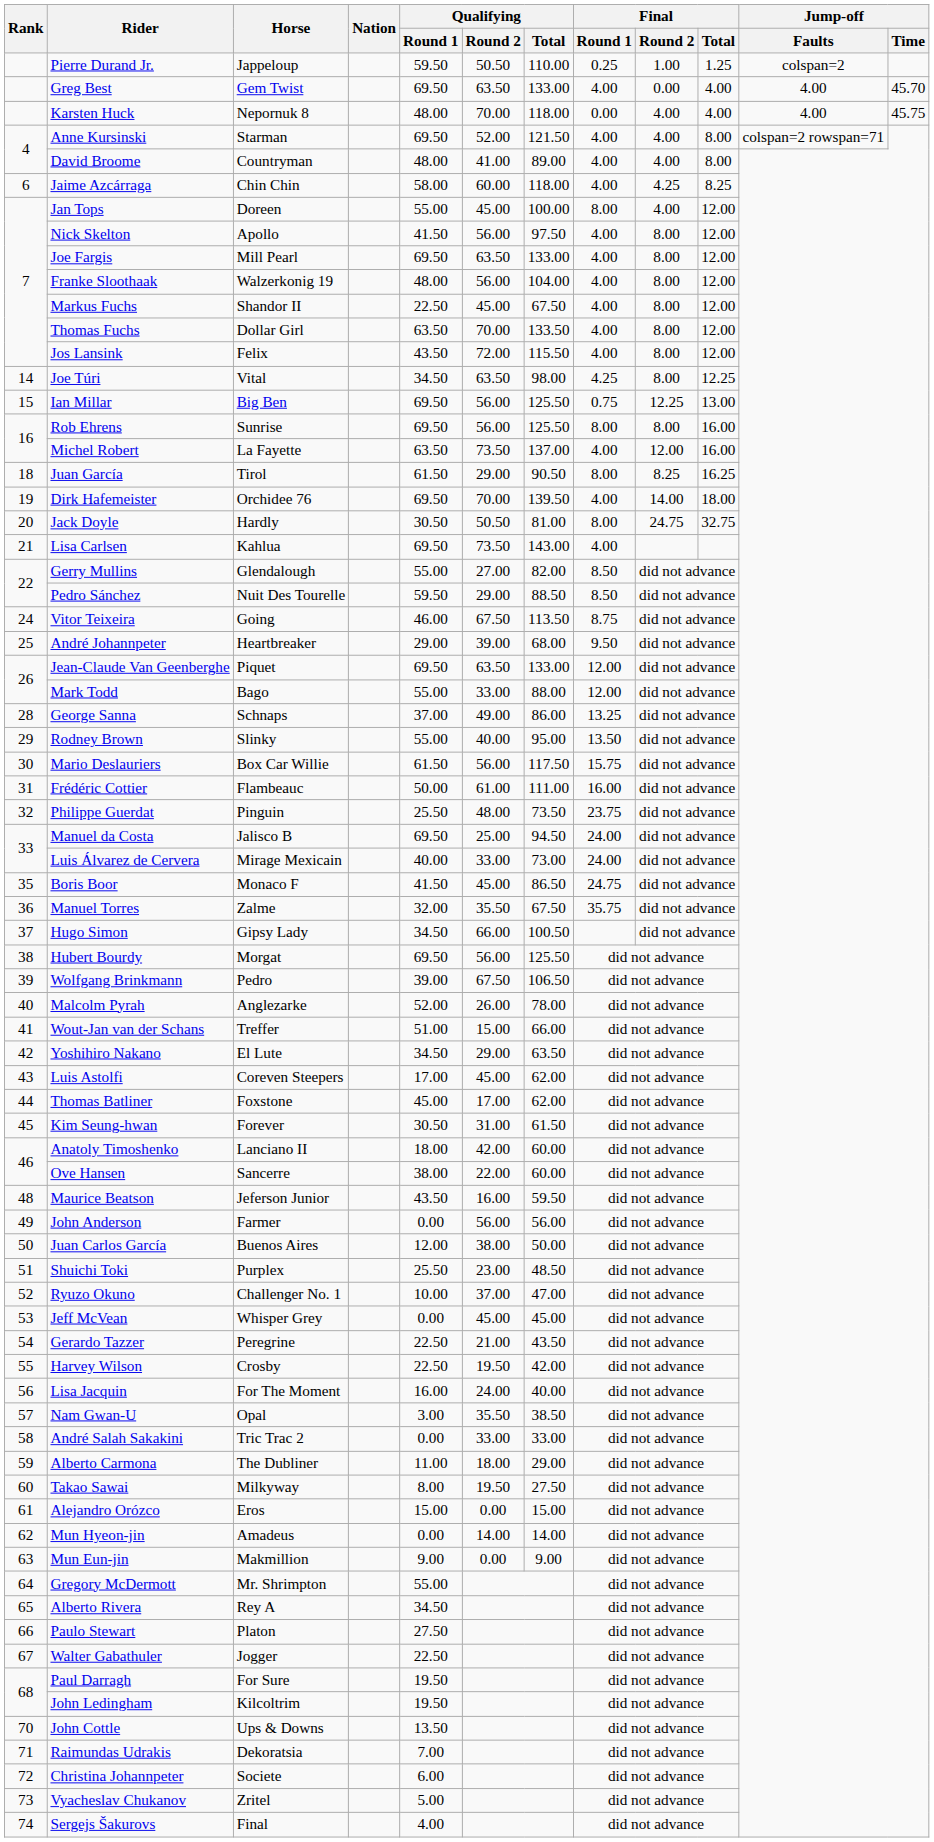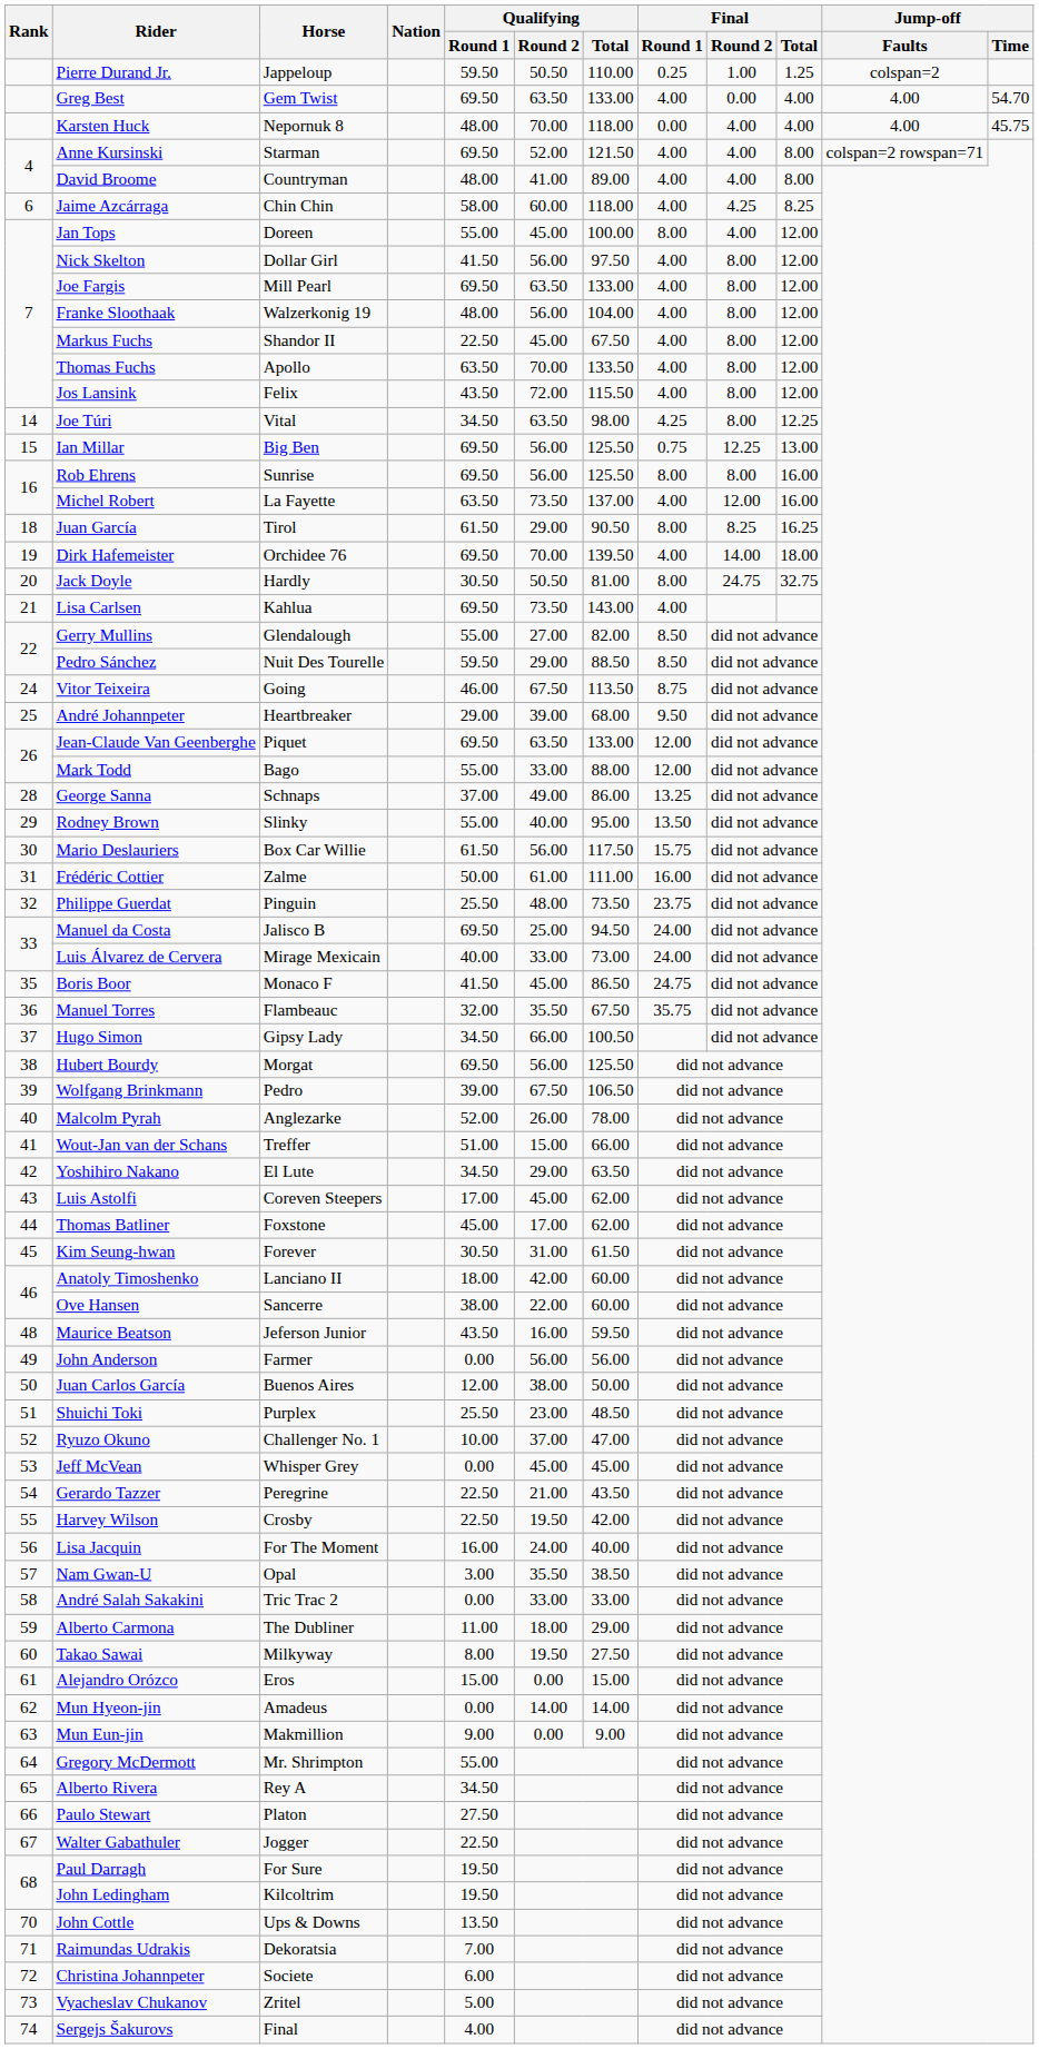 <table class="wikitable sortable" style="text-align:center">
 <tr>
 <th rowspan=2>Rank</th>
 <th rowspan=2>Rider</th>
 <th rowspan=2>Horse</th>
 <th rowspan=2>Nation</th>
 <th colspan=3>Qualifying</th>
 <th colspan=3>Final</th>
 <th colspan=2>Jump-off</th>
 </tr>
 <tr>
 <th>Round 1</th>
 <th>Round 2</th>
 <th>Total</th>
 <th>Round 1</th>
 <th>Round 2</th>
 <th>Total</th>
 <th>Faults</th>
 <th>Time</th>
 </tr>
 <tr>
 <td></td>
 <td align=left><a href='#'>Pierre Durand Jr.</a></td>
 <td align=left>Jappeloup</td>
 <td align="left"></td>
 <td>59.50</td>
 <td>50.50</td>
 <td>110.00</td>
 <td>0.25</td>
 <td>1.00</td>
 <td>1.25</td>
 <td>colspan=2 </td>
 </tr>
 <tr>
 <td></td>
 <td align=left><a href='#'>Greg Best</a></td>
 <td align=left><a href='#'>Gem Twist</a></td>
 <td align="left"></td>
 <td>69.50</td>
 <td>63.50</td>
 <td>133.00</td>
 <td>4.00</td>
 <td>0.00</td>
 <td>4.00</td>
 <td>4.00</td>
-<td>45.70</td>
+<td>54.70</td>
 </tr>
 <tr>
 <td></td>
 <td align=left><a href='#'>Karsten Huck</a></td>
 <td align=left>Nepornuk 8</td>
 <td align="left"></td>
 <td>48.00</td>
 <td>70.00</td>
 <td>118.00</td>
 <td>0.00</td>
 <td>4.00</td>
 <td>4.00</td>
 <td>4.00</td>
 <td>45.75</td>
 </tr>
 <tr>
 <td rowspan=2>4</td>
 <td align=left><a href='#'>Anne Kursinski</a></td>
 <td align=left>Starman</td>
 <td align="left"></td>
 <td>69.50</td>
 <td>52.00</td>
 <td>121.50</td>
 <td>4.00</td>
 <td>4.00</td>
 <td>8.00</td>
 <td>colspan=2 rowspan=71 </td>
 </tr>
 <tr>
 <td align=left><a href='#'>David Broome</a></td>
 <td align=left>Countryman</td>
 <td align="left"></td>
 <td>48.00</td>
 <td>41.00</td>
 <td>89.00</td>
 <td>4.00</td>
 <td>4.00</td>
 <td>8.00</td>
 </tr>
 <tr>
 <td>6</td>
 <td align=left><a href='#'>Jaime Azcárraga</a></td>
 <td align=left>Chin Chin</td>
 <td align="left"></td>
 <td>58.00</td>
 <td>60.00</td>
 <td>118.00</td>
 <td>4.00</td>
 <td>4.25</td>
 <td>8.25</td>
 </tr>
 <tr>
 <td rowspan=7>7</td>
 <td align=left><a href='#'>Jan Tops</a></td>
 <td align=left>Doreen</td>
 <td align="left"></td>
 <td>55.00</td>
 <td>45.00</td>
 <td>100.00</td>
 <td>8.00</td>
 <td>4.00</td>
 <td>12.00</td>
 </tr>
 <tr>
 <td align=left><a href='#'>Nick Skelton</a></td>
-<td align=left>Apollo</td>
+<td align=left>Dollar Girl</td>
 <td align="left"></td>
 <td>41.50</td>
 <td>56.00</td>
 <td>97.50</td>
 <td>4.00</td>
 <td>8.00</td>
 <td>12.00</td>
 </tr>
 <tr>
 <td align=left><a href='#'>Joe Fargis</a></td>
 <td align=left>Mill Pearl</td>
 <td align="left"></td>
 <td>69.50</td>
 <td>63.50</td>
 <td>133.00</td>
 <td>4.00</td>
 <td>8.00</td>
 <td>12.00</td>
 </tr>
 <tr>
 <td align=left><a href='#'>Franke Sloothaak</a></td>
 <td align=left>Walzerkonig 19</td>
 <td align="left"></td>
 <td>48.00</td>
 <td>56.00</td>
 <td>104.00</td>
 <td>4.00</td>
 <td>8.00</td>
 <td>12.00</td>
 </tr>
 <tr>
 <td align=left><a href='#'>Markus Fuchs</a></td>
 <td align=left>Shandor II</td>
 <td align="left"></td>
 <td>22.50</td>
 <td>45.00</td>
 <td>67.50</td>
 <td>4.00</td>
 <td>8.00</td>
 <td>12.00</td>
 </tr>
 <tr>
 <td align=left><a href='#'>Thomas Fuchs</a></td>
-<td align=left>Dollar Girl</td>
+<td align=left>Apollo</td>
 <td align="left"></td>
 <td>63.50</td>
 <td>70.00</td>
 <td>133.50</td>
 <td>4.00</td>
 <td>8.00</td>
 <td>12.00</td>
 </tr>
 <tr>
 <td align=left><a href='#'>Jos Lansink</a></td>
 <td align=left>Felix</td>
 <td align="left"></td>
 <td>43.50</td>
 <td>72.00</td>
 <td>115.50</td>
 <td>4.00</td>
 <td>8.00</td>
 <td>12.00</td>
 </tr>
 <tr>
 <td>14</td>
 <td align=left><a href='#'>Joe Túri</a></td>
 <td align=left>Vital</td>
 <td align="left"></td>
 <td>34.50</td>
 <td>63.50</td>
 <td>98.00</td>
 <td>4.25</td>
 <td>8.00</td>
 <td>12.25</td>
 </tr>
 <tr>
 <td>15</td>
 <td align=left><a href='#'>Ian Millar</a></td>
 <td align=left><a href='#'>Big Ben</a></td>
 <td align="left"></td>
 <td>69.50</td>
 <td>56.00</td>
 <td>125.50</td>
 <td>0.75</td>
 <td>12.25</td>
 <td>13.00</td>
 </tr>
 <tr>
 <td rowspan=2>16</td>
 <td align=left><a href='#'>Rob Ehrens</a></td>
 <td align=left>Sunrise</td>
 <td align="left"></td>
 <td>69.50</td>
 <td>56.00</td>
 <td>125.50</td>
 <td>8.00</td>
 <td>8.00</td>
 <td>16.00</td>
 </tr>
 <tr>
 <td align=left><a href='#'>Michel Robert</a></td>
 <td align=left>La Fayette</td>
 <td align="left"></td>
 <td>63.50</td>
 <td>73.50</td>
 <td>137.00</td>
 <td>4.00</td>
 <td>12.00</td>
 <td>16.00</td>
 </tr>
 <tr>
 <td>18</td>
 <td align=left><a href='#'>Juan García</a></td>
 <td align=left>Tirol</td>
 <td align="left"></td>
 <td>61.50</td>
 <td>29.00</td>
 <td>90.50</td>
 <td>8.00</td>
 <td>8.25</td>
 <td>16.25</td>
 </tr>
 <tr>
 <td>19</td>
 <td align=left><a href='#'>Dirk Hafemeister</a></td>
 <td align=left>Orchidee 76</td>
 <td align="left"></td>
 <td>69.50</td>
 <td>70.00</td>
 <td>139.50</td>
 <td>4.00</td>
 <td>14.00</td>
 <td>18.00</td>
 </tr>
 <tr>
 <td>20</td>
 <td align=left><a href='#'>Jack Doyle</a></td>
 <td align=left>Hardly</td>
 <td align="left"></td>
 <td>30.50</td>
 <td>50.50</td>
 <td>81.00</td>
 <td>8.00</td>
 <td>24.75</td>
 <td>32.75</td>
 </tr>
 <tr>
 <td>21</td>
 <td align=left><a href='#'>Lisa Carlsen</a></td>
 <td align=left>Kahlua</td>
 <td align="left"></td>
 <td>69.50</td>
 <td>73.50</td>
 <td>143.00</td>
 <td>4.00</td>
 <td></td>
 <td></td>
 </tr>
 <tr>
 <td rowspan=2>22</td>
 <td align=left><a href='#'>Gerry Mullins</a></td>
 <td align=left>Glendalough</td>
 <td align="left"></td>
 <td>55.00</td>
 <td>27.00</td>
 <td>82.00</td>
 <td>8.50</td>
 <td colspan=2>did not advance</td>
 </tr>
 <tr>
 <td align=left><a href='#'>Pedro Sánchez</a></td>
 <td align=left>Nuit Des Tourelle</td>
 <td align="left"></td>
 <td>59.50</td>
 <td>29.00</td>
 <td>88.50</td>
 <td>8.50</td>
 <td colspan=2>did not advance</td>
 </tr>
 <tr>
 <td>24</td>
 <td align=left><a href='#'>Vitor Teixeira</a></td>
 <td align=left>Going</td>
 <td align="left"></td>
 <td>46.00</td>
 <td>67.50</td>
 <td>113.50</td>
 <td>8.75</td>
 <td colspan=2>did not advance</td>
 </tr>
 <tr>
 <td>25</td>
 <td align=left><a href='#'>André Johannpeter</a></td>
 <td align=left>Heartbreaker</td>
 <td align="left"></td>
 <td>29.00</td>
 <td>39.00</td>
 <td>68.00</td>
 <td>9.50</td>
 <td colspan=2>did not advance</td>
 </tr>
 <tr>
 <td rowspan=2>26</td>
 <td align=left><a href='#'>Jean-Claude Van Geenberghe</a></td>
 <td align=left>Piquet</td>
 <td align="left"></td>
 <td>69.50</td>
 <td>63.50</td>
 <td>133.00</td>
 <td>12.00</td>
 <td colspan=2>did not advance</td>
 </tr>
 <tr>
 <td align=left><a href='#'>Mark Todd</a></td>
 <td align=left>Bago</td>
 <td align="left"></td>
 <td>55.00</td>
 <td>33.00</td>
 <td>88.00</td>
 <td>12.00</td>
 <td colspan=2>did not advance</td>
 </tr>
 <tr>
 <td>28</td>
 <td align=left><a href='#'>George Sanna</a></td>
 <td align=left>Schnaps</td>
 <td align="left"></td>
 <td>37.00</td>
 <td>49.00</td>
 <td>86.00</td>
 <td>13.25</td>
 <td colspan=2>did not advance</td>
 </tr>
 <tr>
 <td>29</td>
 <td align=left><a href='#'>Rodney Brown</a></td>
 <td align=left>Slinky</td>
 <td align="left"></td>
 <td>55.00</td>
 <td>40.00</td>
 <td>95.00</td>
 <td>13.50</td>
 <td colspan=2>did not advance</td>
 </tr>
 <tr>
 <td>30</td>
 <td align=left><a href='#'>Mario Deslauriers</a></td>
 <td align=left>Box Car Willie</td>
 <td align="left"></td>
 <td>61.50</td>
 <td>56.00</td>
 <td>117.50</td>
 <td>15.75</td>
 <td colspan=2>did not advance</td>
 </tr>
 <tr>
 <td>31</td>
 <td align=left><a href='#'>Frédéric Cottier</a></td>
-<td align=left>Flambeauc</td>
+<td align=left>Zalme</td>
 <td align="left"></td>
 <td>50.00</td>
 <td>61.00</td>
 <td>111.00</td>
 <td>16.00</td>
 <td colspan=2>did not advance</td>
 </tr>
 <tr>
 <td>32</td>
 <td align=left><a href='#'>Philippe Guerdat</a></td>
 <td align=left>Pinguin</td>
 <td align="left"></td>
 <td>25.50</td>
 <td>48.00</td>
 <td>73.50</td>
 <td>23.75</td>
 <td colspan=2>did not advance</td>
 </tr>
 <tr>
 <td rowspan=2>33</td>
 <td align=left><a href='#'>Manuel da Costa</a></td>
 <td align=left>Jalisco B</td>
 <td align="left"></td>
 <td>69.50</td>
 <td>25.00</td>
 <td>94.50</td>
 <td>24.00</td>
 <td colspan=2>did not advance</td>
 </tr>
 <tr>
 <td align=left><a href='#'>Luis Álvarez de Cervera</a></td>
 <td align=left>Mirage Mexicain</td>
 <td align="left"></td>
 <td>40.00</td>
 <td>33.00</td>
 <td>73.00</td>
 <td>24.00</td>
 <td colspan=2>did not advance</td>
 </tr>
 <tr>
 <td>35</td>
 <td align=left><a href='#'>Boris Boor</a></td>
 <td align=left>Monaco F</td>
 <td align="left"></td>
 <td>41.50</td>
 <td>45.00</td>
 <td>86.50</td>
 <td>24.75</td>
 <td colspan=2>did not advance</td>
 </tr>
 <tr>
 <td>36</td>
 <td align=left><a href='#'>Manuel Torres</a></td>
-<td align=left>Zalme</td>
+<td align=left>Flambeauc</td>
 <td align="left"></td>
 <td>32.00</td>
 <td>35.50</td>
 <td>67.50</td>
 <td>35.75</td>
 <td colspan=2>did not advance</td>
 </tr>
 <tr>
 <td>37</td>
 <td align=left><a href='#'>Hugo Simon</a></td>
 <td align=left>Gipsy Lady</td>
 <td align="left"></td>
 <td>34.50</td>
 <td>66.00</td>
 <td>100.50</td>
 <td></td>
 <td colspan=2>did not advance</td>
 </tr>
 <tr>
 <td>38</td>
 <td align=left><a href='#'>Hubert Bourdy</a></td>
 <td align=left>Morgat</td>
 <td align="left"></td>
 <td>69.50</td>
 <td>56.00</td>
 <td>125.50</td>
 <td colspan=3>did not advance</td>
 </tr>
 <tr>
 <td>39</td>
 <td align=left><a href='#'>Wolfgang Brinkmann</a></td>
 <td align=left>Pedro</td>
 <td align="left"></td>
 <td>39.00</td>
 <td>67.50</td>
 <td>106.50</td>
 <td colspan=3>did not advance</td>
 </tr>
 <tr>
 <td>40</td>
 <td align=left><a href='#'>Malcolm Pyrah</a></td>
 <td align=left>Anglezarke</td>
 <td align="left"></td>
 <td>52.00</td>
 <td>26.00</td>
 <td>78.00</td>
 <td colspan=3>did not advance</td>
 </tr>
 <tr>
 <td>41</td>
 <td align=left><a href='#'>Wout-Jan van der Schans</a></td>
 <td align=left>Treffer</td>
 <td align="left"></td>
 <td>51.00</td>
 <td>15.00</td>
 <td>66.00</td>
 <td colspan=3>did not advance</td>
 </tr>
 <tr>
 <td>42</td>
 <td align=left><a href='#'>Yoshihiro Nakano</a></td>
 <td align=left>El Lute</td>
 <td align="left"></td>
 <td>34.50</td>
 <td>29.00</td>
 <td>63.50</td>
 <td colspan=3>did not advance</td>
 </tr>
 <tr>
 <td>43</td>
 <td align=left><a href='#'>Luis Astolfi</a></td>
 <td align=left>Coreven Steepers</td>
 <td align="left"></td>
 <td>17.00</td>
 <td>45.00</td>
 <td>62.00</td>
 <td colspan=3>did not advance</td>
 </tr>
 <tr>
 <td>44</td>
 <td align=left><a href='#'>Thomas Batliner</a></td>
 <td align=left>Foxstone</td>
 <td align="left"></td>
 <td>45.00</td>
 <td>17.00</td>
 <td>62.00</td>
 <td colspan=3>did not advance</td>
 </tr>
 <tr>
 <td>45</td>
 <td align=left><a href='#'>Kim Seung-hwan</a></td>
 <td align=left>Forever</td>
 <td align="left"></td>
 <td>30.50</td>
 <td>31.00</td>
 <td>61.50</td>
 <td colspan=3>did not advance</td>
 </tr>
 <tr>
 <td rowspan=2>46</td>
 <td align=left><a href='#'>Anatoly Timoshenko</a></td>
 <td align=left>Lanciano II</td>
 <td align="left"></td>
 <td>18.00</td>
 <td>42.00</td>
 <td>60.00</td>
 <td colspan=3>did not advance</td>
 </tr>
 <tr>
 <td align=left><a href='#'>Ove Hansen</a></td>
 <td align=left>Sancerre</td>
 <td align="left"></td>
 <td>38.00</td>
 <td>22.00</td>
 <td>60.00</td>
 <td colspan=3>did not advance</td>
 </tr>
 <tr>
 <td>48</td>
 <td align=left><a href='#'>Maurice Beatson</a></td>
 <td align=left>Jeferson Junior</td>
 <td align="left"></td>
 <td>43.50</td>
 <td>16.00</td>
 <td>59.50</td>
 <td colspan=3>did not advance</td>
 </tr>
 <tr>
 <td>49</td>
 <td align=left><a href='#'>John Anderson</a></td>
 <td align=left>Farmer</td>
 <td align="left"></td>
 <td>0.00</td>
 <td>56.00</td>
 <td>56.00</td>
 <td colspan=3>did not advance</td>
 </tr>
 <tr>
 <td>50</td>
 <td align=left><a href='#'>Juan Carlos García</a></td>
 <td align=left>Buenos Aires</td>
 <td align="left"></td>
 <td>12.00</td>
 <td>38.00</td>
 <td>50.00</td>
 <td colspan=3>did not advance</td>
 </tr>
 <tr>
 <td>51</td>
 <td align=left><a href='#'>Shuichi Toki</a></td>
 <td align=left>Purplex</td>
 <td align="left"></td>
 <td>25.50</td>
 <td>23.00</td>
 <td>48.50</td>
 <td colspan=3>did not advance</td>
 </tr>
 <tr>
 <td>52</td>
 <td align=left><a href='#'>Ryuzo Okuno</a></td>
 <td align=left>Challenger No. 1</td>
 <td align="left"></td>
 <td>10.00</td>
 <td>37.00</td>
 <td>47.00</td>
 <td colspan=3>did not advance</td>
 </tr>
 <tr>
 <td>53</td>
 <td align=left><a href='#'>Jeff McVean</a></td>
 <td align=left>Whisper Grey</td>
 <td align="left"></td>
 <td>0.00</td>
 <td>45.00</td>
 <td>45.00</td>
 <td colspan=3>did not advance</td>
 </tr>
 <tr>
 <td>54</td>
 <td align=left><a href='#'>Gerardo Tazzer</a></td>
 <td align=left>Peregrine</td>
 <td align="left"></td>
 <td>22.50</td>
 <td>21.00</td>
 <td>43.50</td>
 <td colspan=3>did not advance</td>
 </tr>
 <tr>
 <td>55</td>
 <td align=left><a href='#'>Harvey Wilson</a></td>
 <td align=left>Crosby</td>
 <td align="left"></td>
 <td>22.50</td>
 <td>19.50</td>
 <td>42.00</td>
 <td colspan=3>did not advance</td>
 </tr>
 <tr>
 <td>56</td>
 <td align=left><a href='#'>Lisa Jacquin</a></td>
 <td align=left>For The Moment</td>
 <td align="left"></td>
 <td>16.00</td>
 <td>24.00</td>
 <td>40.00</td>
 <td colspan=3>did not advance</td>
 </tr>
 <tr>
 <td>57</td>
 <td align=left><a href='#'>Nam Gwan-U</a></td>
 <td align=left>Opal</td>
 <td align="left"></td>
 <td>3.00</td>
 <td>35.50</td>
 <td>38.50</td>
 <td colspan=3>did not advance</td>
 </tr>
 <tr>
 <td>58</td>
 <td align=left><a href='#'>André Salah Sakakini</a></td>
 <td align=left>Tric Trac 2</td>
 <td align="left"></td>
 <td>0.00</td>
 <td>33.00</td>
 <td>33.00</td>
 <td colspan=3>did not advance</td>
 </tr>
 <tr>
 <td>59</td>
 <td align=left><a href='#'>Alberto Carmona</a></td>
 <td align=left>The Dubliner</td>
 <td align="left"></td>
 <td>11.00</td>
 <td>18.00</td>
 <td>29.00</td>
 <td colspan=3>did not advance</td>
 </tr>
 <tr>
 <td>60</td>
 <td align=left><a href='#'>Takao Sawai</a></td>
 <td align=left>Milkyway</td>
 <td align="left"></td>
 <td>8.00</td>
 <td>19.50</td>
 <td>27.50</td>
 <td colspan=3>did not advance</td>
 </tr>
 <tr>
 <td>61</td>
 <td align=left><a href='#'>Alejandro Orózco</a></td>
 <td align=left>Eros</td>
 <td align="left"></td>
 <td>15.00</td>
 <td>0.00</td>
 <td>15.00</td>
 <td colspan=3>did not advance</td>
 </tr>
 <tr>
 <td>62</td>
 <td align=left><a href='#'>Mun Hyeon-jin</a></td>
 <td align=left>Amadeus</td>
 <td align="left"></td>
 <td>0.00</td>
 <td>14.00</td>
 <td>14.00</td>
 <td colspan=3>did not advance</td>
 </tr>
 <tr>
 <td>63</td>
 <td align=left><a href='#'>Mun Eun-jin</a></td>
 <td align=left>Makmillion</td>
 <td align="left"></td>
 <td>9.00</td>
 <td>0.00</td>
 <td>9.00</td>
 <td colspan=3>did not advance</td>
 </tr>
 <tr>
 <td>64</td>
 <td align=left><a href='#'>Gregory McDermott</a></td>
 <td align=left>Mr. Shrimpton</td>
 <td align="left"></td>
 <td>55.00</td>
 <td colspan=2></td>
 <td colspan=3>did not advance</td>
 </tr>
 <tr>
 <td>65</td>
 <td align=left><a href='#'>Alberto Rivera</a></td>
 <td align=left>Rey A</td>
 <td align="left"></td>
 <td>34.50</td>
 <td colspan=2></td>
 <td colspan=3>did not advance</td>
 </tr>
 <tr>
 <td>66</td>
 <td align=left><a href='#'>Paulo Stewart</a></td>
 <td align=left>Platon</td>
 <td align="left"></td>
 <td>27.50</td>
 <td colspan=2></td>
 <td colspan=3>did not advance</td>
 </tr>
 <tr>
 <td>67</td>
 <td align=left><a href='#'>Walter Gabathuler</a></td>
 <td align=left>Jogger</td>
 <td align="left"></td>
 <td>22.50</td>
 <td colspan=2></td>
 <td colspan=3>did not advance</td>
 </tr>
 <tr>
 <td rowspan=2>68</td>
 <td align=left><a href='#'>Paul Darragh</a></td>
 <td align=left>For Sure</td>
 <td align="left"></td>
 <td>19.50</td>
 <td colspan=2></td>
 <td colspan=3>did not advance</td>
 </tr>
 <tr>
 <td align=left><a href='#'>John Ledingham</a></td>
 <td align=left>Kilcoltrim</td>
 <td align="left"></td>
 <td>19.50</td>
 <td colspan=2></td>
 <td colspan=3>did not advance</td>
 </tr>
 <tr>
 <td>70</td>
 <td align=left><a href='#'>John Cottle</a></td>
 <td align=left>Ups & Downs</td>
 <td align="left"></td>
 <td>13.50</td>
 <td colspan=2></td>
 <td colspan=3>did not advance</td>
 </tr>
 <tr>
 <td>71</td>
 <td align=left><a href='#'>Raimundas Udrakis</a></td>
 <td align=left>Dekoratsia</td>
 <td align="left"></td>
 <td>7.00</td>
 <td colspan=2></td>
 <td colspan=3>did not advance</td>
 </tr>
 <tr>
 <td>72</td>
 <td align=left><a href='#'>Christina Johannpeter</a></td>
 <td align=left>Societe</td>
 <td align="left"></td>
 <td>6.00</td>
 <td colspan=2></td>
 <td colspan=3>did not advance</td>
 </tr>
 <tr>
 <td>73</td>
 <td align=left><a href='#'>Vyacheslav Chukanov</a></td>
 <td align=left>Zritel</td>
 <td align="left"></td>
 <td>5.00</td>
 <td colspan=2></td>
 <td colspan=3>did not advance</td>
 </tr>
 <tr>
 <td>74</td>
 <td align=left><a href='#'>Sergejs Šakurovs</a></td>
 <td align=left>Final</td>
 <td align="left"></td>
 <td>4.00</td>
 <td colspan=2></td>
 <td colspan=3>did not advance</td>
 </tr>
 </table>
